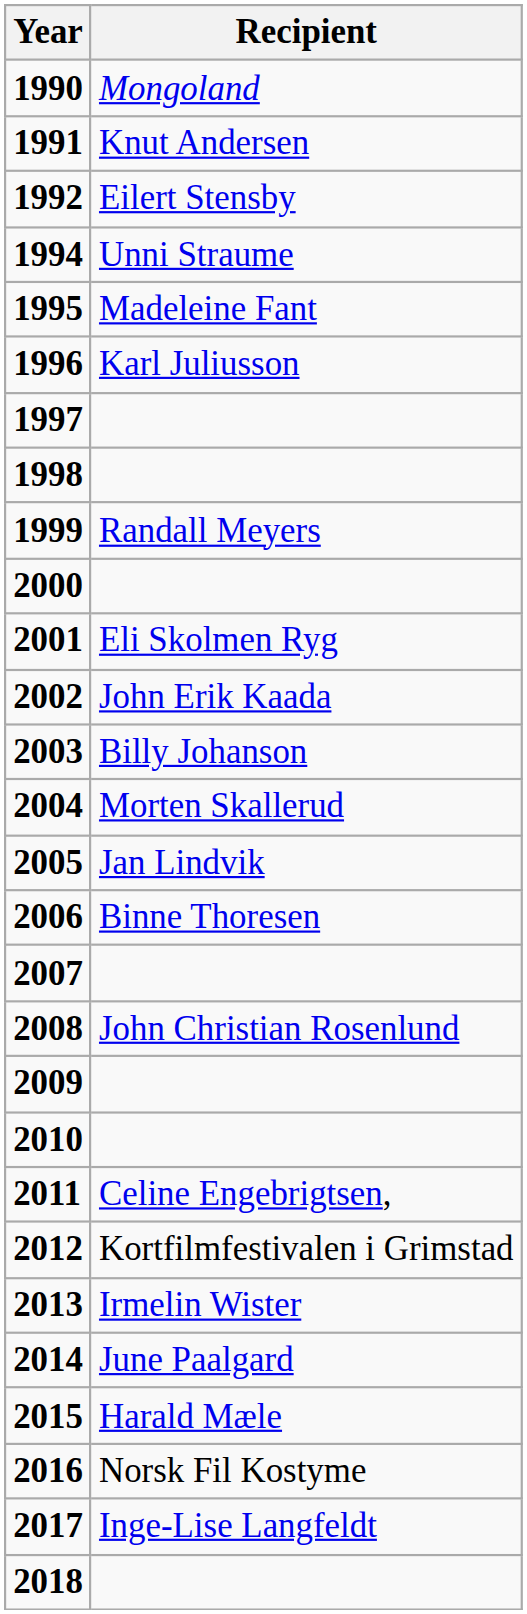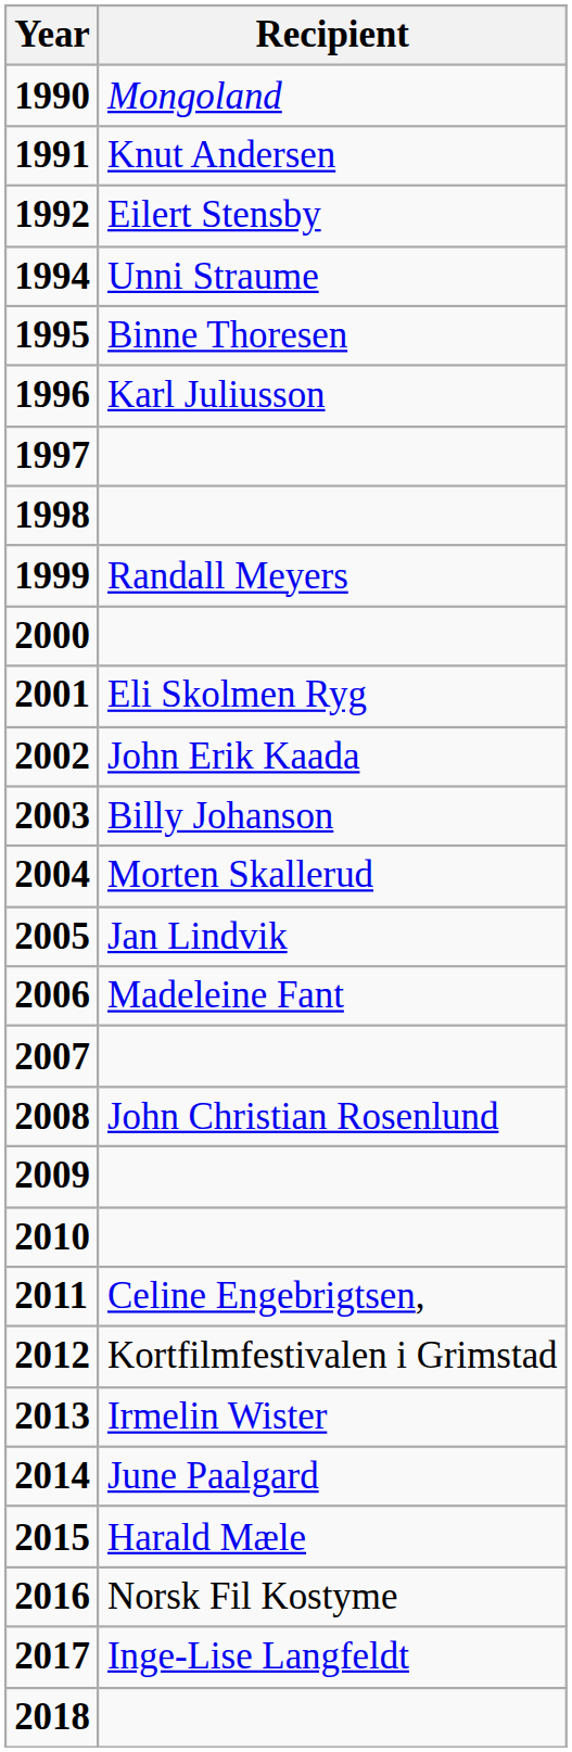 <table class="wikitable">
 <tr style="background:#EFEFEF">
 <th>Year</th>
 <th>Recipient</th>
 </tr>
 <tr>
 <td><strong>1990</strong></td>
 <td><em><a href='#'>Mongoland</a></em></td>
 </tr>
 <tr>
 <td><strong>1991</strong></td>
 <td><a href='#'>Knut Andersen</a></td>
 </tr>
 <tr>
 <td><strong>1992</strong></td>
 <td><a href='#'>Eilert Stensby</a></td>
 </tr>
 <tr>
 <td><strong>1994</strong></td>
 <td><a href='#'>Unni Straume</a></td>
 </tr>
 <tr>
 <td><strong>1995</strong></td>
-<td><a href='#'>Madeleine Fant</a></td>
+<td><a href='#'>Binne Thoresen</a></td>
 </tr>
 <tr>
 <td><strong>1996</strong></td>
 <td><a href='#'>Karl Juliusson</a></td>
 </tr>
 <tr>
 <td><strong>1997</strong></td>
 <td></td>
 </tr>
 <tr>
 <td><strong>1998</strong></td>
 <td></td>
 </tr>
 <tr>
 <td><strong>1999</strong></td>
 <td><a href='#'>Randall Meyers</a></td>
 </tr>
 <tr>
 <td><strong>2000</strong></td>
 <td></td>
 </tr>
 <tr>
 <td><strong>2001</strong></td>
 <td><a href='#'>Eli Skolmen Ryg</a></td>
 </tr>
 <tr>
 <td><strong>2002</strong></td>
 <td><a href='#'>John Erik Kaada</a></td>
 </tr>
 <tr>
 <td><strong>2003</strong></td>
 <td><a href='#'>Billy Johanson</a></td>
 </tr>
 <tr>
 <td><strong>2004</strong></td>
 <td><a href='#'>Morten Skallerud</a></td>
 </tr>
 <tr>
 <td><strong>2005</strong></td>
 <td><a href='#'>Jan Lindvik</a></td>
 </tr>
 <tr>
 <td><strong>2006</strong></td>
-<td><a href='#'>Binne Thoresen</a></td>
+<td><a href='#'>Madeleine Fant</a></td>
 </tr>
 <tr>
 <td><strong>2007</strong></td>
 <td></td>
 </tr>
 <tr>
 <td><strong>2008</strong></td>
 <td><a href='#'>John Christian Rosenlund</a></td>
 </tr>
 <tr>
 <td><strong>2009</strong></td>
 <td></td>
 </tr>
 <tr>
 <td><strong>2010</strong></td>
 <td></td>
 </tr>
 <tr>
 <td><strong>2011</strong></td>
 <td><a href='#'>Celine Engebrigtsen</a>, </td>
 </tr>
 <tr>
 <td><strong>2012</strong></td>
 <td>Kortfilmfestivalen i Grimstad</td>
 </tr>
 <tr>
 <td><strong>2013</strong></td>
 <td><a href='#'>Irmelin Wister</a></td>
 </tr>
 <tr>
 <td><strong>2014</strong></td>
 <td><a href='#'>June Paalgard</a></td>
 </tr>
 <tr>
 <td><strong>2015</strong></td>
 <td><a href='#'>Harald Mæle</a></td>
 </tr>
 <tr>
 <td><strong>2016</strong></td>
 <td>Norsk Fil Kostyme</td>
 </tr>
 <tr>
 <td><strong>2017</strong></td>
 <td><a href='#'>Inge-Lise Langfeldt</a></td>
 </tr>
 <tr>
 <td><strong>2018</strong></td>
 <td></td>
 </tr>
 </table>
